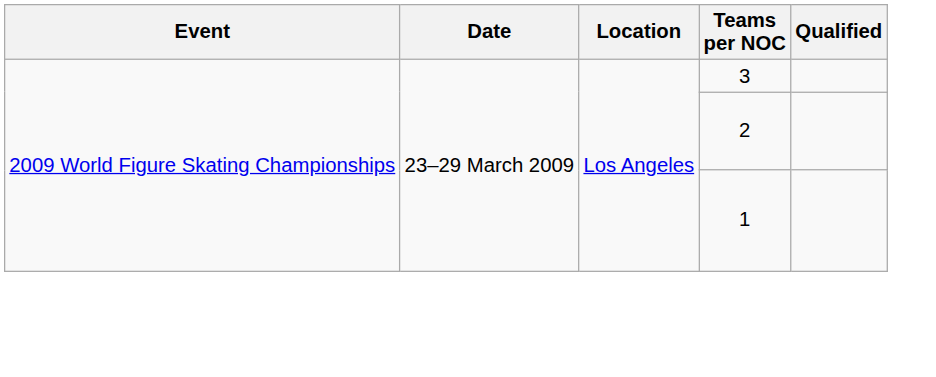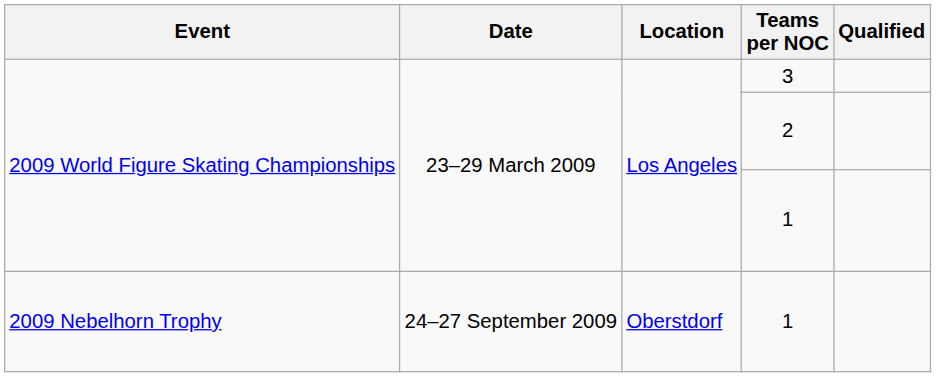 <table class="wikitable">
 <tr>
 <th>Event</th>
 <th>Date</th>
 <th>Location</th>
 <th>Teams <br> per NOC</th>
 <th>Qualified</th>
 </tr>
 <tr>
 <td rowspan = 3><a href='#'>2009 World Figure Skating Championships</a></td>
 <td rowspan = 3 align="center">23–29 March 2009</td>
 <td rowspan = 3> <a href='#'>Los Angeles</a></td>
 <td align="center">3</td>
 <td> <br> </td>
 </tr>
 <tr>
 <td align="center">2</td>
 <td> <br>  <br>  <br> </td>
 </tr>
 <tr>
 <td align="center">1</td>
 <td> <br>  <br>  <br> <s></s> <br> </td>
 </tr>
+<tr>
+<td><a href='#'>2009 Nebelhorn Trophy</a></td>
+<td align="center">24–27 September 2009</td>
+<td> <a href='#'>Oberstdorf</a></td>
+<td align="center">1</td>
+<td> <br>  <br>  <br>  <br> </td>
+</tr>
 </table>
